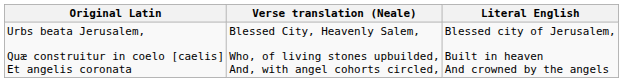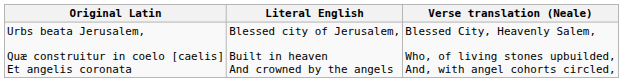 <table class="wikitable">
 <tr>
 <th>Original Latin</th>
+<th>Literal English</th>
 <th>Verse translation (Neale)</th>
-<th>Literal English</th>
 </tr>
 <tr>
 <td>Urbs beata Jerusalem,<br><br>Quæ construitur in coelo [caelis]<br>Et angelis coronata<br></td>
+<td>Blessed city of Jerusalem,<br><br>Built in heaven<br>And crowned by the angels<br></td>
 <td>Blessed City, Heavenly Salem,<br><br>Who, of living stones upbuilded,<br>And, with angel cohorts circled,<br></td>
-<td>Blessed city of Jerusalem,<br><br>Built in heaven<br>And crowned by the angels<br></td>
 </tr>
 </table>
